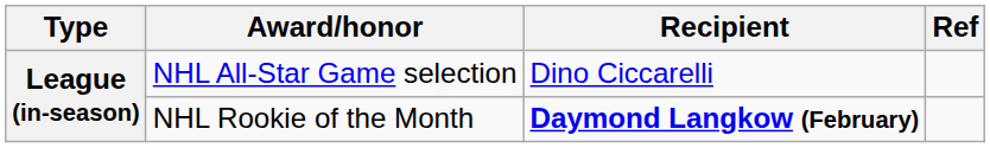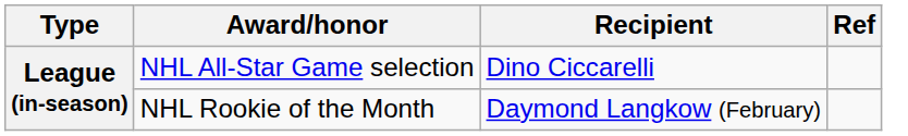 <table class="wikitable">
 <tr>
 <th scope="col">Type</th>
 <th scope="col">Award/honor</th>
 <th scope="col">Recipient</th>
 <th scope="col">Ref</th>
 </tr>
 <tr>
 <th scope="row" rowspan=2>League<br><small>(in-season)</small></th>
 <td><a href='#'>NHL All-Star Game</a> selection</td>
 <td><a href='#'>Dino Ciccarelli</a></td>
 <td></td>
 </tr>
 <tr>
 <td>NHL Rookie of the Month</td>
-<td><strong><a href='#'>Daymond Langkow</a> <small>(February)</small></strong></td>
+<td><a href='#'>Daymond Langkow</a> <small>(February)</small></td>
 <td></td>
 </tr>
 </table>
